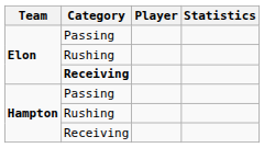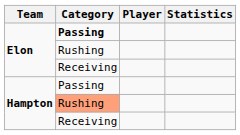 <table class="wikitable" style="float: right;">
 <tr>
 <th>Team</th>
 <th>Category</th>
 <th>Player</th>
 <th>Statistics</th>
 </tr>
 <tr>
 <td rowspan=3><strong>Elon</strong></td>
-<td>Passing</td>
-<td></td>
-<td></td>
-</tr>
-<tr>
-<td>Rushing</td>
-<td></td>
-<td></td>
-</tr>
-<tr>
-<td><strong>Receiving</strong></td>
-<td></td>
-<td></td>
-</tr>
-<tr>
-<td rowspan=3><strong>Hampton</strong></td>
-<td>Passing</td>
+<td><strong>Passing</strong></td>
 <td></td>
 <td></td>
 </tr>
 <tr>
 <td>Rushing</td>
 <td></td>
 <td></td>
 </tr>
 <tr>
 <td>Receiving</td>
 <td></td>
 <td></td>
 </tr>
+<tr>
+<td rowspan=3><strong>Hampton</strong></td>
+<td>Passing</td>
+<td></td>
+<td></td>
+</tr>
+<tr>
+<td style="background: lightsalmon;">Rushing</td>
+<td></td>
+<td></td>
+</tr>
+<tr>
+<td>Receiving</td>
+<td></td>
+<td></td>
+</tr>
 </table>
